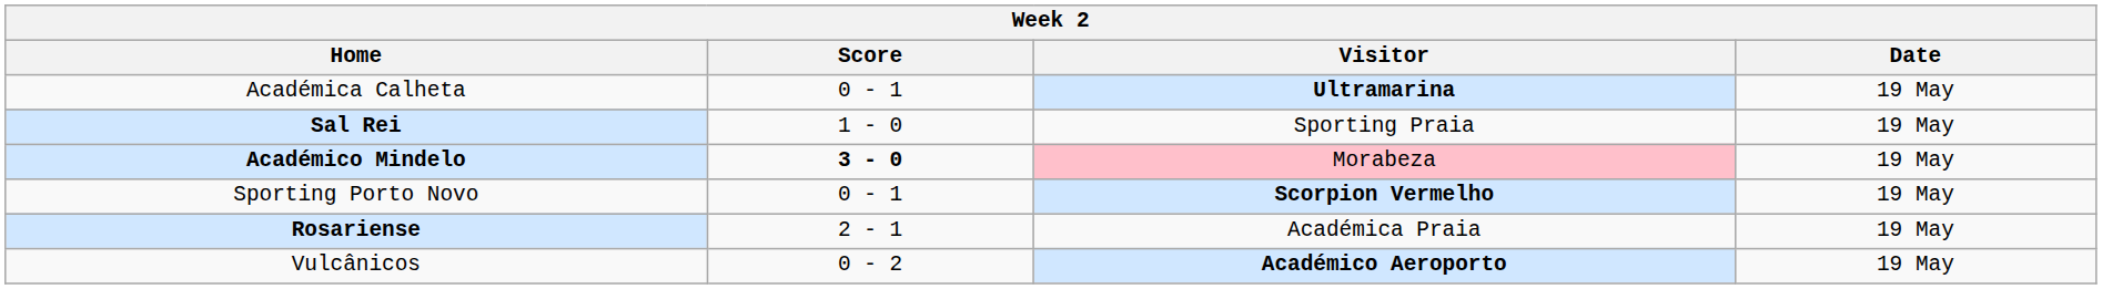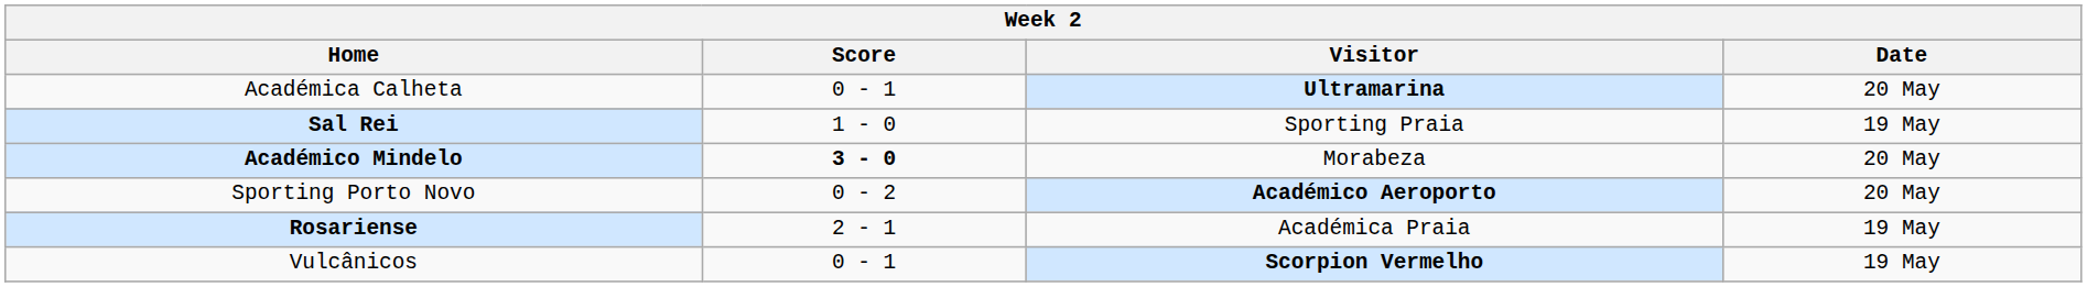 <table class="wikitable" style="font-size:95%; text-align: center; width: 95%;">
 <tr>
 <th colspan="12" style="with: 100%;" align=center>Week 2</th>
 </tr>
 <tr>
 <th width="200">Home</th>
 <th width="90">Score</th>
 <th width="200">Visitor</th>
 <th width="100">Date</th>
 </tr>
 <tr align=center>
 <td>Académica Calheta</td>
 <td>0 - 1</td>
 <td bgcolor=#D0E7FF><strong>Ultramarina</strong></td>
-<td>19 May</td>
+<td>20 May</td>
 </tr>
 <tr align=center>
 <td bgcolor=#D0E7FF><strong>Sal Rei</strong></td>
 <td>1 - 0</td>
 <td>Sporting Praia</td>
 <td>19 May</td>
 </tr>
 <tr align=center>
 <td bgcolor=#D0E7FF><strong>Académico Mindelo</strong></td>
 <td><strong>3 - 0</strong></td>
-<td style="background: pink;">Morabeza</td>
-<td>19 May</td>
+<td>Morabeza</td>
+<td>20 May</td>
 </tr>
 <tr align=center>
 <td>Sporting Porto Novo</td>
-<td>0 - 1</td>
-<td bgcolor=#D0E7FF><strong>Scorpion Vermelho</strong></td>
-<td>19 May</td>
+<td>0 - 2</td>
+<td bgcolor=#D0E7FF><strong>Académico Aeroporto</strong></td>
+<td>20 May</td>
 </tr>
 <tr align=center>
 <td bgcolor=#D0E7FF><strong>Rosariense</strong></td>
 <td>2 - 1</td>
 <td>Académica Praia</td>
 <td>19 May</td>
 </tr>
 <tr align=center>
 <td>Vulcânicos</td>
-<td>0 - 2</td>
-<td bgcolor=#D0E7FF><strong>Académico Aeroporto</strong></td>
+<td>0 - 1</td>
+<td bgcolor=#D0E7FF><strong>Scorpion Vermelho</strong></td>
 <td>19 May</td>
 </tr>
 </table>
